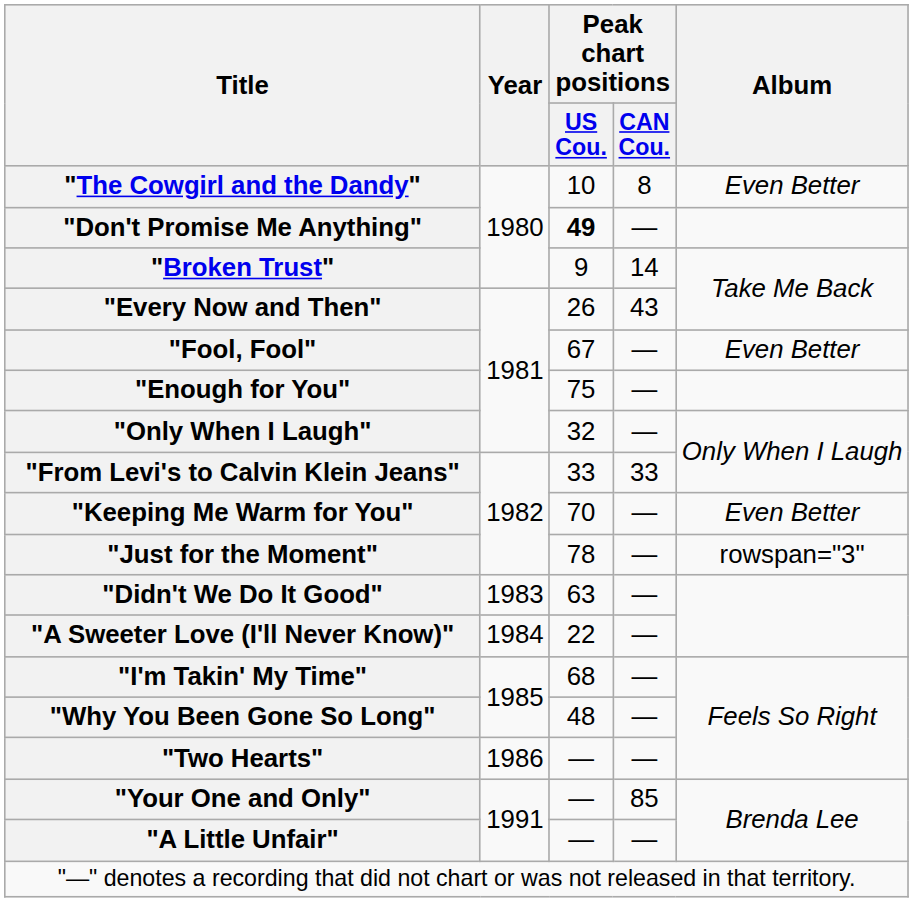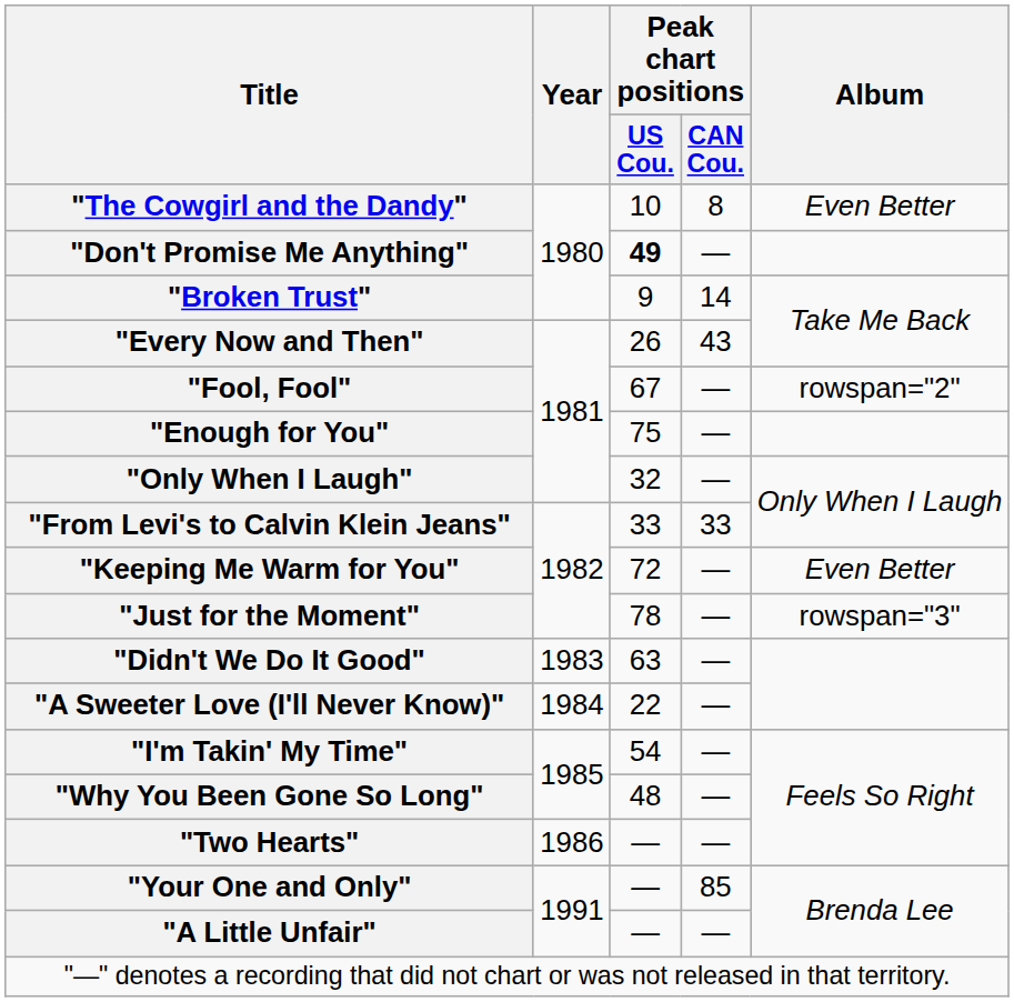 <table class="wikitable plainrowheaders" style="text-align:center;" border="1">
 <tr>
 <th scope="col" rowspan="2" style="width:18em;">Title</th>
 <th scope="col" rowspan="2">Year</th>
 <th scope="col" colspan="2">Peak chart positions</th>
 <th scope="col" rowspan="2">Album</th>
 </tr>
 <tr>
 <th scope="col" style="width:2em;font-size:90%;"><a href='#'>US<br>Cou.</a><br></th>
 <th scope="col" style="width:2em;font-size:90%;"><a href='#'>CAN<br>Cou.</a><br></th>
 </tr>
 <tr>
 <th scope="row">"<a href='#'>The Cowgirl and the Dandy</a>"</th>
 <td rowspan="3">1980</td>
 <td>10</td>
 <td>8</td>
 <td><em>Even Better</em></td>
 </tr>
 <tr>
 <th scope="row">"Don't Promise Me Anything"</th>
 <td><strong>49</strong></td>
 <td>—</td>
 <td></td>
 </tr>
 <tr>
 <th scope="row">"<a href='#'>Broken Trust</a>" </th>
 <td>9</td>
 <td>14</td>
 <td rowspan="2"><em>Take Me Back</em></td>
 </tr>
 <tr>
 <th scope="row">"Every Now and Then"</th>
 <td rowspan="4">1981</td>
 <td>26</td>
 <td>43</td>
 </tr>
 <tr>
 <th scope="row">"Fool, Fool"</th>
 <td>67</td>
 <td>—</td>
-<td><em>Even Better</em></td>
+<td>rowspan="2" </td>
 </tr>
 <tr>
 <th scope="row">"Enough for You"</th>
 <td>75</td>
 <td>—</td>
 </tr>
 <tr>
 <th scope="row">"Only When I Laugh"</th>
 <td>32</td>
 <td>—</td>
 <td rowspan="2"><em>Only When I Laugh</em></td>
 </tr>
 <tr>
 <th scope="row">"From Levi's to Calvin Klein Jeans"</th>
 <td rowspan="3">1982</td>
 <td>33</td>
 <td>33</td>
 </tr>
 <tr>
 <th scope="row">"Keeping Me Warm for You"</th>
-<td>70</td>
+<td>72</td>
 <td>—</td>
 <td><em>Even Better</em></td>
 </tr>
 <tr>
 <th scope="row">"Just for the Moment"</th>
 <td>78</td>
 <td>—</td>
 <td>rowspan="3" </td>
 </tr>
 <tr>
 <th scope="row">"Didn't We Do It Good"</th>
 <td>1983</td>
 <td>63</td>
 <td>—</td>
 </tr>
 <tr>
 <th scope="row">"A Sweeter Love (I'll Never Know)"</th>
 <td>1984</td>
 <td>22</td>
 <td>—</td>
 </tr>
 <tr>
 <th scope="row">"I'm Takin' My Time"</th>
 <td rowspan="2">1985</td>
-<td>68</td>
+<td>54</td>
 <td>—</td>
 <td rowspan="3"><em>Feels So Right</em></td>
 </tr>
 <tr>
 <th scope="row">"Why You Been Gone So Long"</th>
 <td>48</td>
 <td>—</td>
 </tr>
 <tr>
 <th scope="row">"Two Hearts"</th>
 <td>1986</td>
 <td>—</td>
 <td>—</td>
 </tr>
 <tr>
 <th scope="row">"Your One and Only"</th>
 <td rowspan="2">1991</td>
 <td>—</td>
 <td>85</td>
 <td rowspan="2"><em>Brenda Lee</em></td>
 </tr>
 <tr>
 <th scope="row">"A Little Unfair"</th>
 <td>—</td>
 <td>—</td>
 </tr>
 <tr>
 <td colspan="5" style="font-size:90%">"—" denotes a recording that did not chart or was not released in that territory.</td>
 </tr>
 </table>
